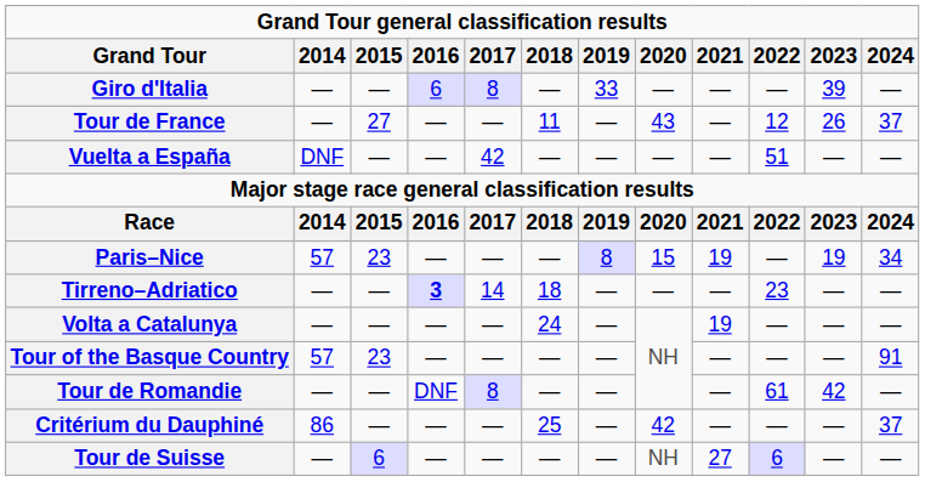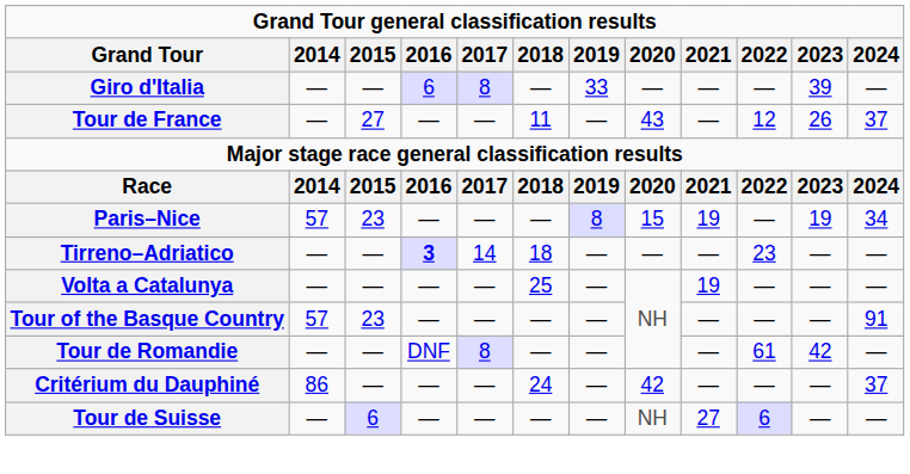 <table class="wikitable plainrowheaders">
 <tr>
 <td colspan="12" align="center"><strong>Grand Tour general classification results</strong></td>
 </tr>
 <tr>
 <th scope="col">Grand Tour</th>
 <th scope="col">2014</th>
 <th scope="col">2015</th>
 <th scope="col">2016</th>
 <th scope="col">2017</th>
 <th scope="col">2018</th>
 <th scope="col">2019</th>
 <th scope="col">2020</th>
 <th scope="col">2021</th>
 <th scope="col">2022</th>
 <th scope="col">2023</th>
 <th scope="col">2024</th>
 </tr>
 <tr style="text-align:center;">
 <th scope="row"> <a href='#'>Giro d'Italia</a></th>
 <td>—</td>
 <td>—</td>
 <td style="background:#ddf;"><a href='#'>6</a></td>
 <td style="background:#ddf;"><a href='#'>8</a></td>
 <td>—</td>
 <td><a href='#'>33</a></td>
 <td>—</td>
 <td>—</td>
 <td>—</td>
 <td><a href='#'>39</a></td>
 <td>—</td>
 </tr>
 <tr style="text-align:center;">
 <th scope="row"> <a href='#'>Tour de France</a></th>
 <td>—</td>
 <td><a href='#'>27</a></td>
 <td>—</td>
 <td>—</td>
 <td><a href='#'>11</a></td>
 <td>—</td>
 <td><a href='#'>43</a></td>
 <td>—</td>
 <td><a href='#'>12</a></td>
 <td><a href='#'>26</a></td>
 <td><a href='#'>37</a></td>
-</tr>
-<tr style="text-align:center;">
-<th scope="row"> <a href='#'>Vuelta a España</a></th>
-<td><a href='#'>DNF</a></td>
-<td>—</td>
-<td>—</td>
-<td><a href='#'>42</a></td>
-<td>—</td>
-<td>—</td>
-<td>—</td>
-<td>—</td>
-<td><a href='#'>51</a></td>
-<td>—</td>
-<td>—</td>
 </tr>
 <tr>
 <td colspan="12" align="center"><strong>Major stage race general classification results</strong></td>
 </tr>
 <tr>
 <th scope="col">Race</th>
 <th scope="col">2014</th>
 <th scope="col">2015</th>
 <th scope="col">2016</th>
 <th scope="col">2017</th>
 <th scope="col">2018</th>
 <th scope="col">2019</th>
 <th scope="col">2020</th>
 <th scope="col">2021</th>
 <th scope="col">2022</th>
 <th scope="col">2023</th>
 <th scope="col">2024</th>
 </tr>
 <tr style="text-align:center;">
 <th scope="row"> <a href='#'>Paris–Nice</a></th>
 <td><a href='#'>57</a></td>
 <td><a href='#'>23</a></td>
 <td>—</td>
 <td>—</td>
 <td>—</td>
 <td style="background:#ddf;"><a href='#'>8</a></td>
 <td><a href='#'>15</a></td>
 <td><a href='#'>19</a></td>
 <td>—</td>
 <td><a href='#'>19</a></td>
 <td><a href='#'>34</a></td>
 </tr>
 <tr style="text-align:center;">
 <th scope="row"> <a href='#'>Tirreno–Adriatico</a></th>
 <td>—</td>
 <td>—</td>
 <td style="background:#ddf;"><a href='#'><strong>3</strong></a></td>
 <td><a href='#'>14</a></td>
 <td><a href='#'>18</a></td>
 <td>—</td>
 <td>—</td>
 <td>—</td>
 <td><a href='#'>23</a></td>
 <td>—</td>
 <td>—</td>
 </tr>
 <tr style="text-align:center;">
 <th scope="row"> <a href='#'>Volta a Catalunya</a></th>
 <td>—</td>
 <td>—</td>
 <td>—</td>
 <td>—</td>
-<td><a href='#'>24</a></td>
+<td><a href='#'>25</a></td>
 <td>—</td>
 <td style="color:#4d4d4d;" rowspan=3>NH</td>
 <td><a href='#'>19</a></td>
 <td>—</td>
 <td>—</td>
 <td>—</td>
 </tr>
 <tr style="text-align:center;">
 <th scope="row"> <a href='#'>Tour of the Basque Country</a></th>
 <td><a href='#'>57</a></td>
 <td><a href='#'>23</a></td>
 <td>—</td>
 <td>—</td>
 <td>—</td>
 <td>—</td>
 <td>—</td>
 <td>—</td>
 <td>—</td>
 <td><a href='#'>91</a></td>
 </tr>
 <tr style="text-align:center;">
 <th scope="row"> <a href='#'>Tour de Romandie</a></th>
 <td>—</td>
 <td>—</td>
 <td><a href='#'>DNF</a></td>
 <td style="background:#ddf;"><a href='#'>8</a></td>
 <td>—</td>
 <td>—</td>
 <td>—</td>
 <td><a href='#'>61</a></td>
 <td><a href='#'>42</a></td>
 <td>—</td>
 </tr>
 <tr style="text-align:center;">
 <th scope="row"> <a href='#'>Critérium du Dauphiné</a></th>
 <td><a href='#'>86</a></td>
 <td>—</td>
 <td>—</td>
 <td>—</td>
-<td><a href='#'>25</a></td>
+<td><a href='#'>24</a></td>
 <td>—</td>
 <td><a href='#'>42</a></td>
 <td>—</td>
 <td>—</td>
 <td>—</td>
 <td><a href='#'>37</a></td>
 </tr>
 <tr style="text-align:center;">
 <th scope="row"> <a href='#'>Tour de Suisse</a></th>
 <td>—</td>
 <td style="background:#ddf;"><a href='#'>6</a></td>
 <td>—</td>
 <td>—</td>
 <td>—</td>
 <td>—</td>
 <td style="color:#4d4d4d;">NH</td>
 <td><a href='#'>27</a></td>
 <td style="background:#ddf;"><a href='#'>6</a></td>
 <td>—</td>
 <td>—</td>
 </tr>
 </table>
